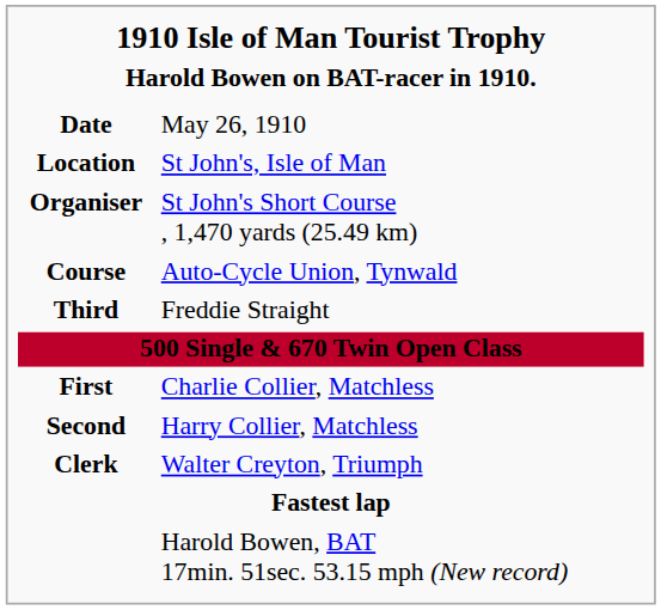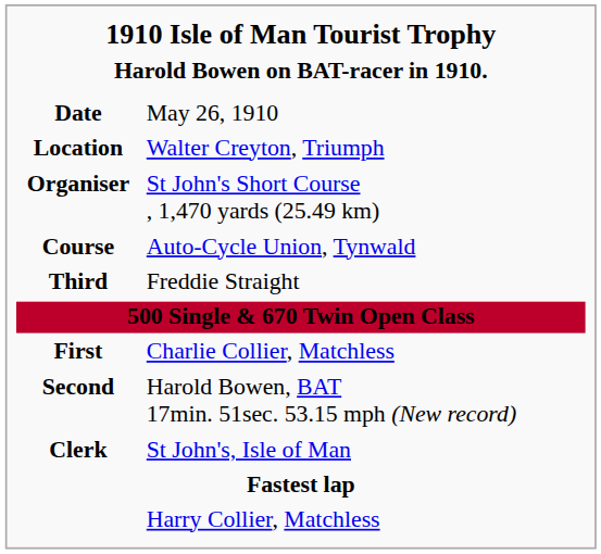 <table class="infobox" style="width:25em; font-size:80%;">
 <tr>
 <th colspan="2"  style="background:; text-align:center;"><big><span>1910 Isle of Man Tourist Trophy</span></big></th>
 </tr>
 <tr>
 <th colspan="2">Harold Bowen on BAT-racer in 1910.</th>
 </tr>
 <tr>
 <th></th>
 <td></td>
 </tr>
 <tr>
 <th>Date</th>
 <td valign="top">May 26, 1910</td>
 </tr>
 <tr>
 <th>Location</th>
-<td valign="top"><a href='#'>St John's, Isle of Man</a></td>
+<td valign="top"><a href='#'>Walter Creyton</a>, <a href='#'>Triumph</a></td>
 </tr>
 <tr>
 <th>Organiser</th>
 <td valign="top"><a href='#'>St John's Short Course</a> <br> , 1,470 yards (25.49 km)</td>
 </tr>
 <tr>
 <th>Course</th>
 <td valign="top"><a href='#'>Auto-Cycle Union</a>, <a href='#'>Tynwald</a></td>
 </tr>
 <tr>
 <th>Third</th>
 <td valign="top">Freddie Straight</td>
 </tr>
 <tr>
 <th colspan="2"  style="background:#bd002b; text-align:center;"><span>500 Single & 670 Twin Open Class</span></th>
 </tr>
 <tr>
 <th>First</th>
 <td valign="top"><a href='#'>Charlie Collier</a>, <a href='#'>Matchless</a></td>
 </tr>
 <tr>
 <th>Second</th>
-<td valign="top"><a href='#'>Harry Collier</a>, <a href='#'>Matchless</a></td>
+<td valign="top">Harold Bowen, <a href='#'>BAT</a> <br> 17min. 51sec. 53.15 mph <em>(New record)</em></td>
 </tr>
 <tr>
 <th>Clerk</th>
-<td valign="top"><a href='#'>Walter Creyton</a>, <a href='#'>Triumph</a></td>
+<td valign="top"><a href='#'>St John's, Isle of Man</a></td>
 </tr>
 <tr>
 <th colspan="2"  style="background:#; text-align:center;"><span>Fastest lap</span></th>
 </tr>
 <tr>
 <th></th>
-<td valign="top">Harold Bowen, <a href='#'>BAT</a> <br> 17min. 51sec. 53.15 mph <em>(New record)</em></td>
+<td valign="top"><a href='#'>Harry Collier</a>, <a href='#'>Matchless</a></td>
 </tr>
 <tr>
 </tr>
 </table>
